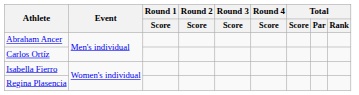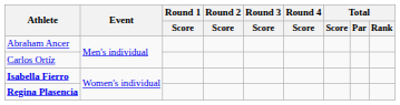 <table class=wikitable style=font-size:90%;text-align:center>
 <tr>
 <th rowspan=2>Athlete</th>
 <th rowspan=2>Event</th>
 <th>Round 1</th>
 <th>Round 2</th>
 <th>Round 3</th>
 <th>Round 4</th>
 <th colspan=3>Total</th>
 </tr>
 <tr style=font-size:95%>
 <th>Score</th>
 <th>Score</th>
 <th>Score</th>
 <th>Score</th>
 <th>Score</th>
 <th>Par</th>
 <th>Rank</th>
 </tr>
 <tr>
 <td align=left><a href='#'>Abraham Ancer</a></td>
 <td align=left rowspan=2><a href='#'>Men's individual</a></td>
 <td></td>
 <td></td>
 <td></td>
 <td></td>
 <td></td>
 <td></td>
 <td></td>
 </tr>
 <tr>
 <td align=left><a href='#'>Carlos Ortíz</a></td>
 <td></td>
 <td></td>
 <td></td>
 <td></td>
 <td></td>
 <td></td>
 <td></td>
 </tr>
 <tr>
-<td align=left><a href='#'>Isabella Fierro</a></td>
+<td align=left><strong><a href='#'>Isabella Fierro</a></strong></td>
 <td align=left rowspan=2><a href='#'>Women's individual</a></td>
 <td></td>
 <td></td>
 <td></td>
 <td></td>
 <td></td>
 <td></td>
 <td></td>
 </tr>
 <tr>
-<td align=left><a href='#'>Regina Plasencia</a></td>
+<td align=left><strong><a href='#'>Regina Plasencia</a></strong></td>
 <td></td>
 <td></td>
 <td></td>
 <td></td>
 <td></td>
 <td></td>
 <td></td>
 </tr>
 </table>
